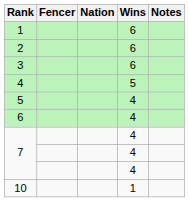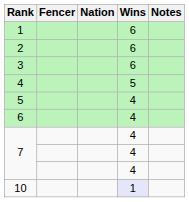 <table class="wikitable sortable" style="text-align:center">
 <tr>
 <th>Rank</th>
 <th>Fencer</th>
 <th>Nation</th>
 <th>Wins</th>
 <th>Notes</th>
 </tr>
 <tr style="background:#bbf3bb;">
 <td>1</td>
 <td align=left></td>
 <td align=left></td>
 <td>6</td>
 <td></td>
 </tr>
 <tr style="background:#bbf3bb;">
 <td>2</td>
 <td align=left></td>
 <td align=left></td>
 <td>6</td>
 <td></td>
 </tr>
 <tr style="background:#bbf3bb;">
 <td>3</td>
 <td align=left></td>
 <td align=left></td>
 <td>6</td>
 <td></td>
 </tr>
 <tr style="background:#bbf3bb;">
 <td>4</td>
 <td align=left></td>
 <td align=left></td>
 <td>5</td>
 <td></td>
 </tr>
 <tr style="background:#bbf3bb;">
 <td>5</td>
 <td align=left></td>
 <td align=left></td>
 <td>4</td>
 <td></td>
 </tr>
 <tr style="background:#bbf3bb;">
 <td>6</td>
 <td align=left></td>
 <td align=left></td>
 <td>4</td>
 <td></td>
 </tr>
 <tr>
 <td rowspan=3>7</td>
 <td align=left></td>
 <td align=left></td>
 <td>4</td>
 <td></td>
 </tr>
 <tr>
 <td align=left></td>
 <td align=left></td>
 <td>4</td>
 <td></td>
 </tr>
 <tr>
 <td align=left></td>
 <td align=left></td>
 <td>4</td>
 <td></td>
 </tr>
 <tr>
 <td>10</td>
 <td align=left></td>
 <td align=left></td>
-<td>1</td>
+<td style="background: lavender;">1</td>
 <td></td>
 </tr>
 </table>
